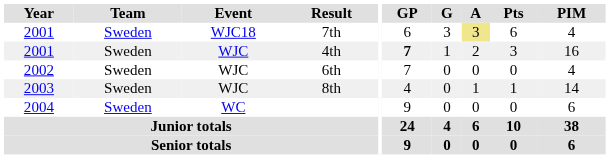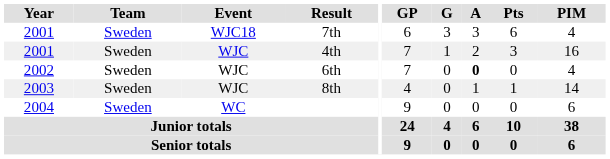 <table border="0" cellpadding="1" cellspacing="0" ID="Table3" style="text-align:center; width:40em">
 <tr ALIGN="center" bgcolor="#e0e0e0">
 <th>Year</th>
 <th>Team</th>
 <th>Event</th>
 <th>Result</th>
 <th rowspan="99" bgcolor="#ffffff"></th>
 <th>GP</th>
 <th>G</th>
 <th>A</th>
 <th>Pts</th>
 <th>PIM</th>
 </tr>
 <tr>
 <td><a href='#'>2001</a></td>
 <td><a href='#'>Sweden</a></td>
 <td><a href='#'>WJC18</a></td>
 <td>7th</td>
 <td>6</td>
 <td>3</td>
-<td style="background: khaki;">3</td>
+<td>3</td>
 <td>6</td>
 <td>4</td>
 </tr>
 <tr bgcolor="#f0f0f0">
 <td><a href='#'>2001</a></td>
 <td>Sweden</td>
 <td><a href='#'>WJC</a></td>
 <td>4th</td>
-<td><strong>7</strong></td>
+<td>7</td>
 <td>1</td>
 <td>2</td>
 <td>3</td>
 <td>16</td>
 </tr>
 <tr>
 <td><a href='#'>2002</a></td>
 <td>Sweden</td>
 <td>WJC</td>
 <td>6th</td>
 <td>7</td>
 <td>0</td>
-<td>0</td>
+<td><strong>0</strong></td>
 <td>0</td>
 <td>4</td>
 </tr>
 <tr bgcolor="#f0f0f0">
 <td><a href='#'>2003</a></td>
 <td>Sweden</td>
 <td>WJC</td>
 <td>8th</td>
 <td>4</td>
 <td>0</td>
 <td>1</td>
 <td>1</td>
 <td>14</td>
 </tr>
 <tr>
 <td><a href='#'>2004</a></td>
 <td><a href='#'>Sweden</a></td>
 <td><a href='#'>WC</a></td>
 <td></td>
 <td>9</td>
 <td>0</td>
 <td>0</td>
 <td>0</td>
 <td>6</td>
 </tr>
 <tr bgcolor="#e0e0e0">
 <th colspan="4">Junior totals</th>
 <th>24</th>
 <th>4</th>
 <th>6</th>
 <th>10</th>
 <th>38</th>
 </tr>
 <tr bgcolor="#e0e0e0">
 <th colspan="4">Senior totals</th>
 <th>9</th>
 <th>0</th>
 <th>0</th>
 <th>0</th>
 <th>6</th>
 </tr>
 </table>
